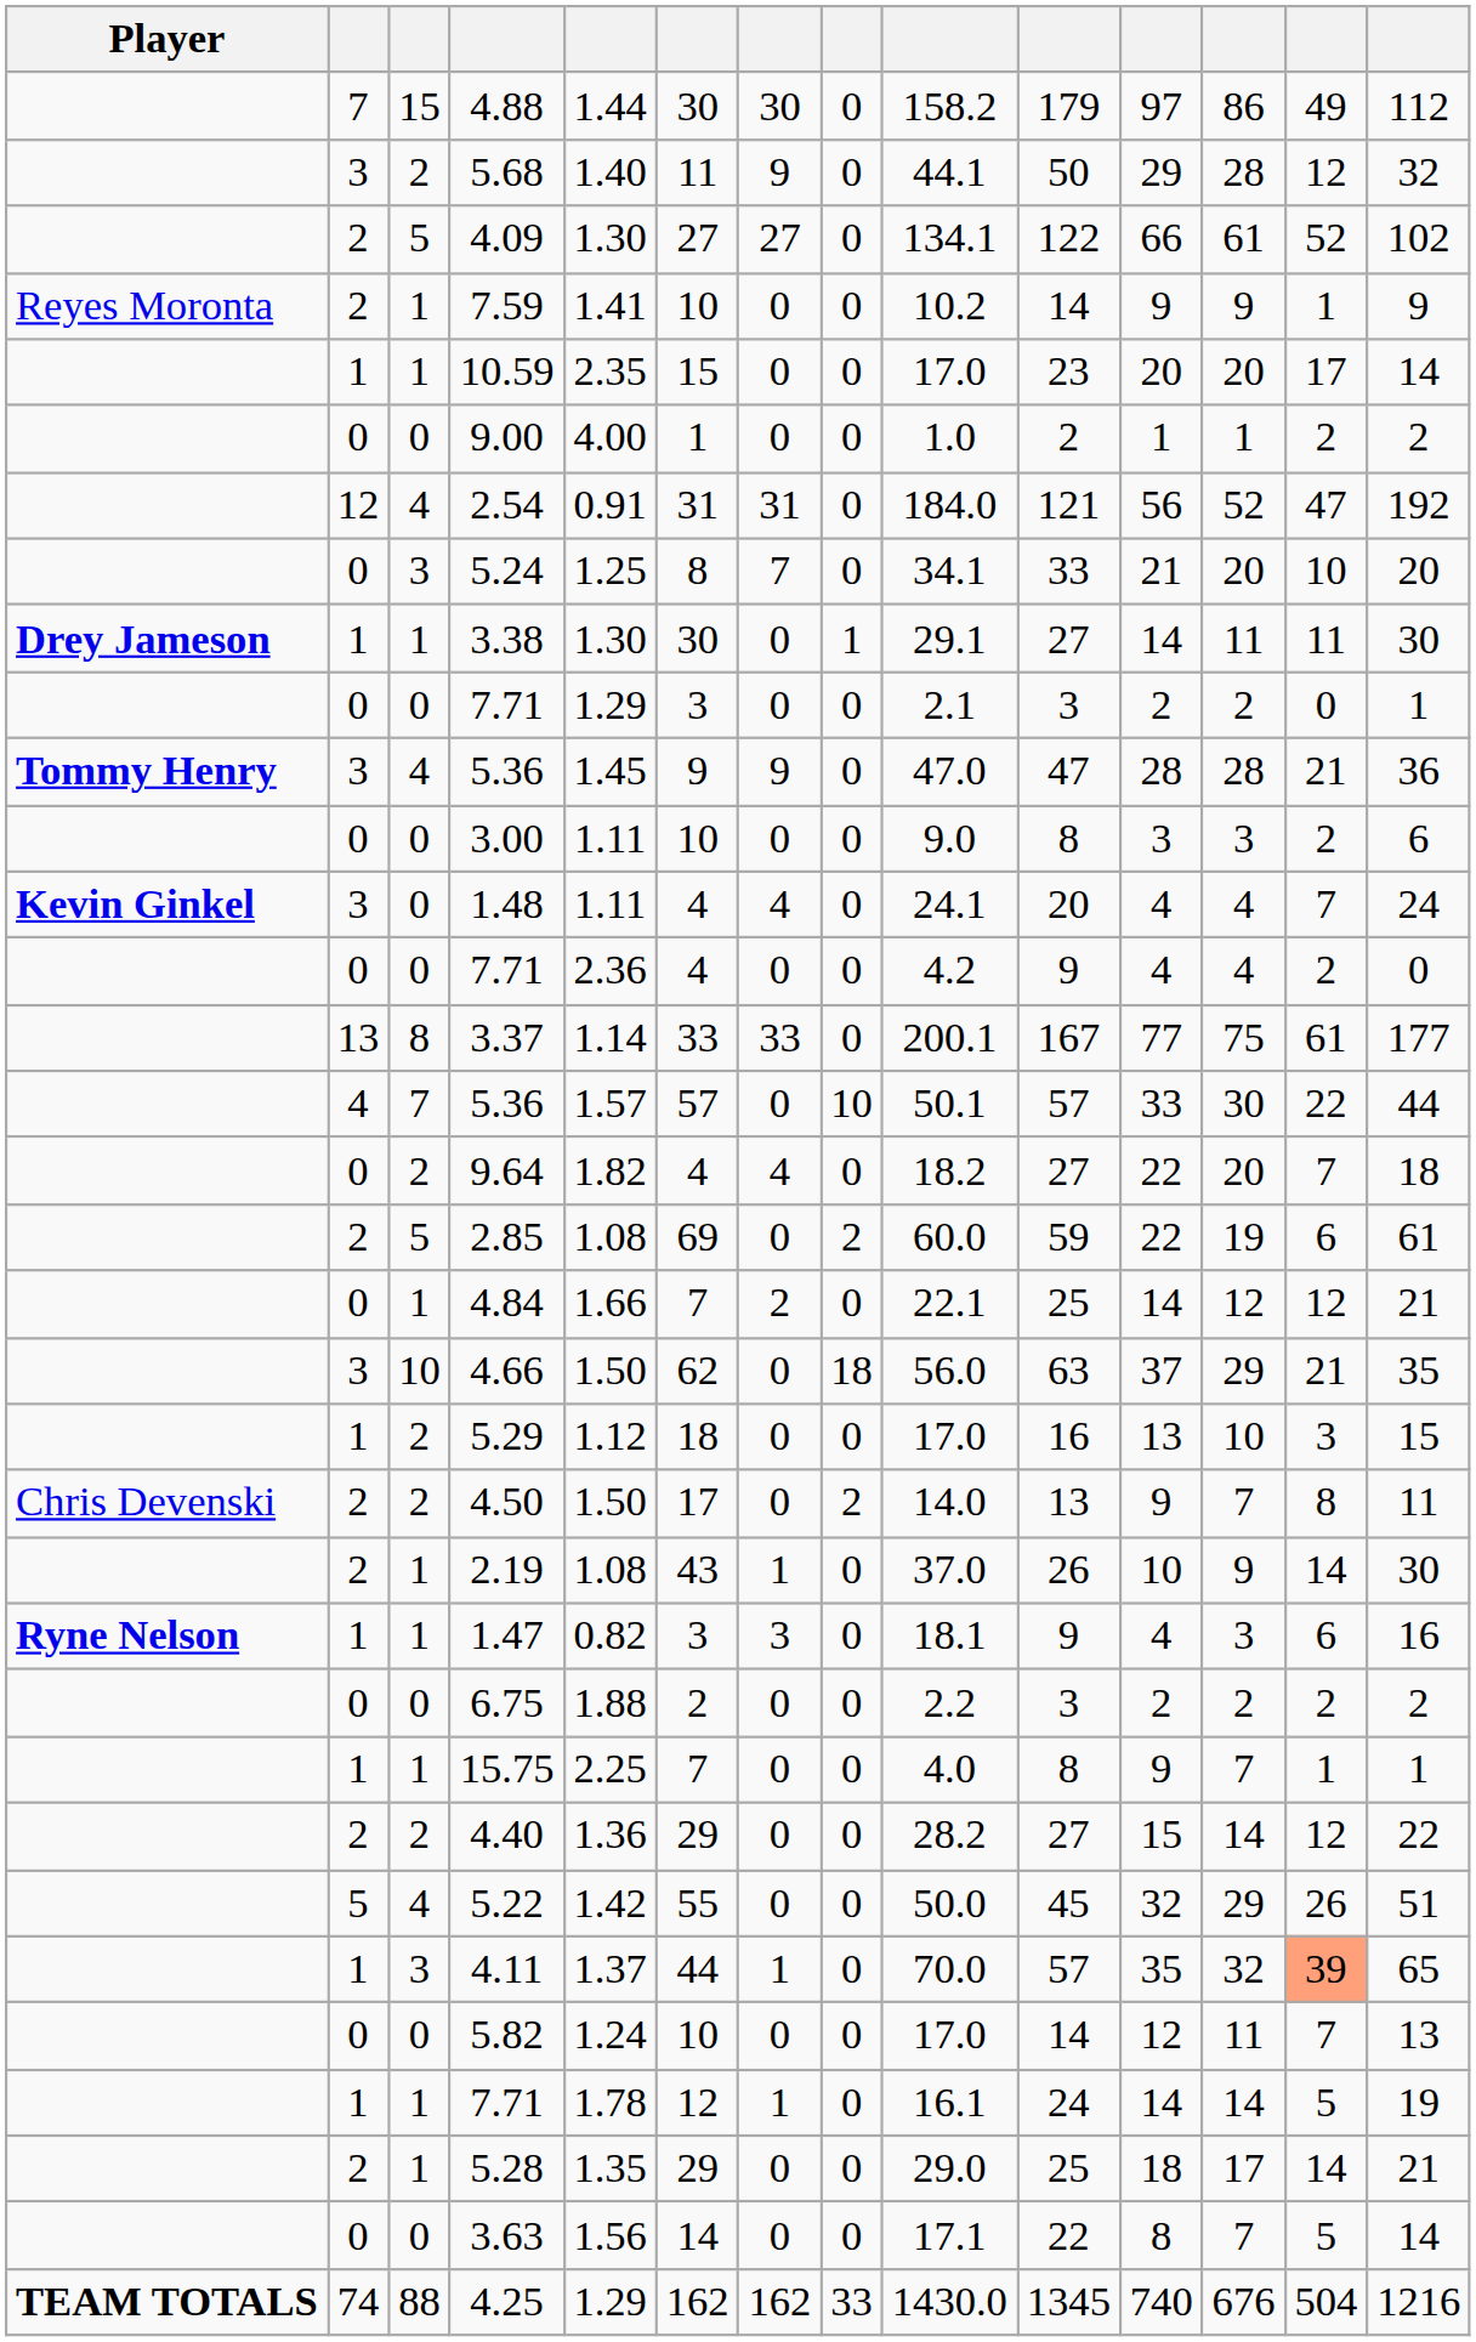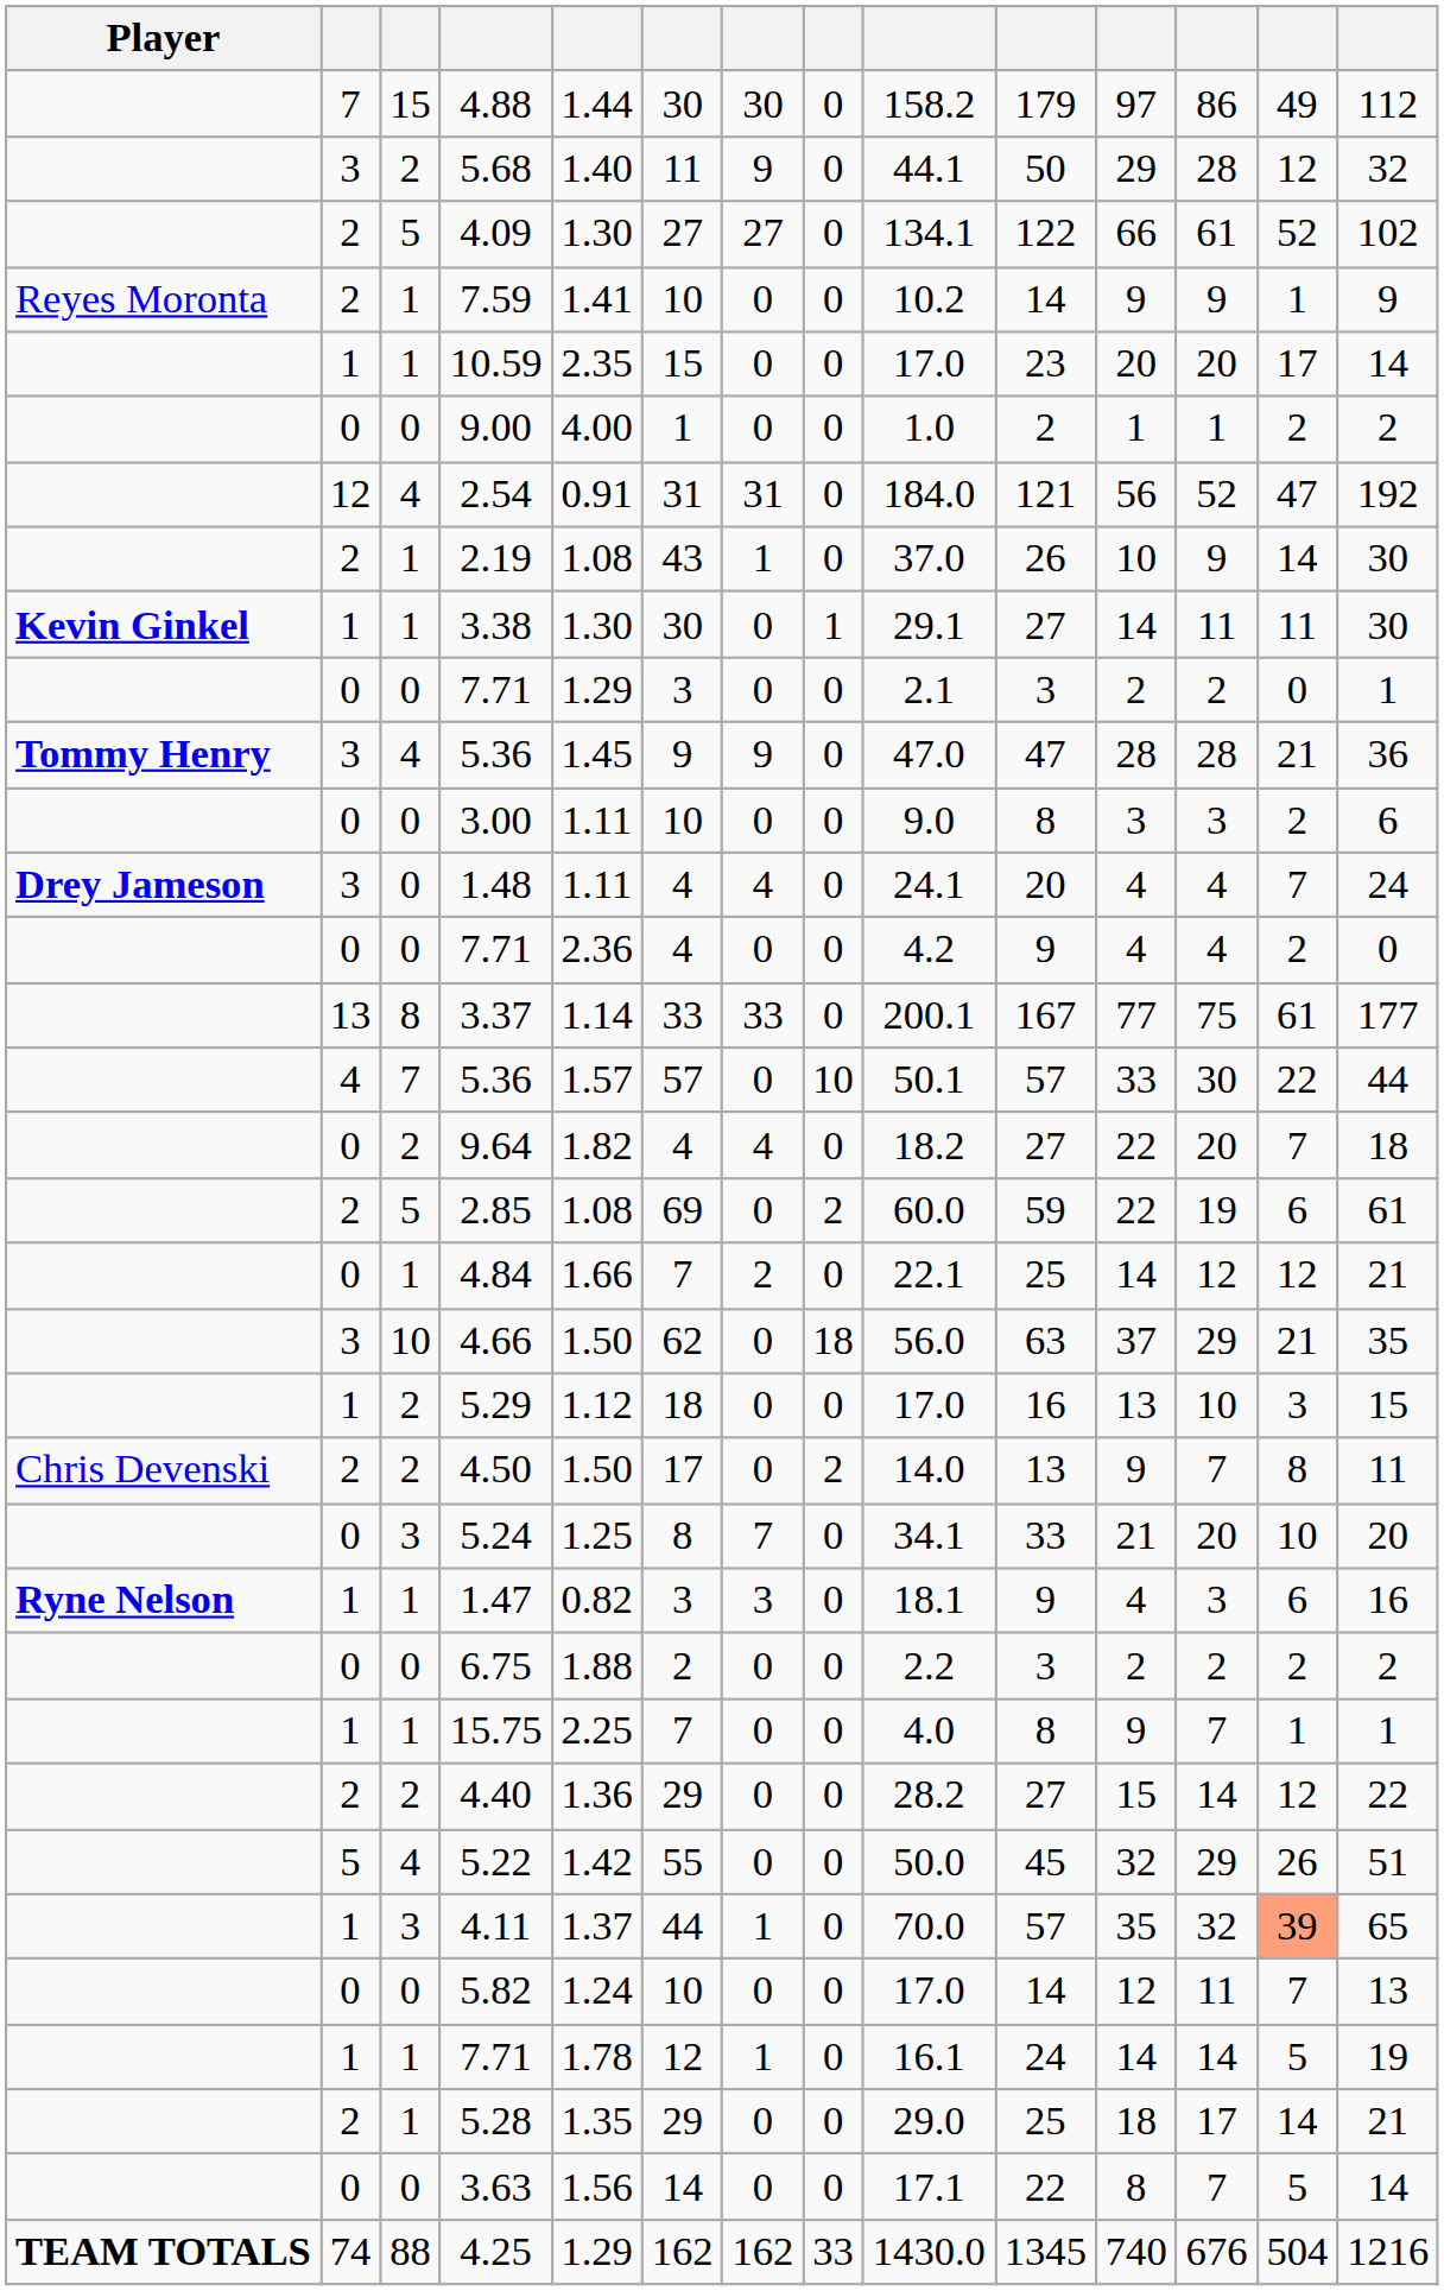 <table class="wikitable sortable" style="text-align:center;">
 <tr>
 <th>Player</th>
 <th></th>
 <th></th>
 <th></th>
 <th></th>
 <th></th>
 <th></th>
 <th></th>
 <th></th>
 <th></th>
 <th></th>
 <th></th>
 <th></th>
 <th></th>
 </tr>
 <tr>
 <td align=left><strong></strong></td>
 <td>7</td>
 <td>15</td>
 <td>4.88</td>
 <td>1.44</td>
 <td>30</td>
 <td>30</td>
 <td>0</td>
 <td>158.2</td>
 <td>179</td>
 <td>97</td>
 <td>86</td>
 <td>49</td>
 <td>112</td>
 </tr>
 <tr>
 <td align=left></td>
 <td>3</td>
 <td>2</td>
 <td>5.68</td>
 <td>1.40</td>
 <td>11</td>
 <td>9</td>
 <td>0</td>
 <td>44.1</td>
 <td>50</td>
 <td>29</td>
 <td>28</td>
 <td>12</td>
 <td>32</td>
 </tr>
 <tr>
 <td align=left></td>
 <td>2</td>
 <td>5</td>
 <td>4.09</td>
 <td>1.30</td>
 <td>27</td>
 <td>27</td>
 <td>0</td>
 <td>134.1</td>
 <td>122</td>
 <td>66</td>
 <td>61</td>
 <td>52</td>
 <td>102</td>
 </tr>
 <tr>
 <td align=left><a href='#'>Reyes Moronta</a></td>
 <td>2</td>
 <td>1</td>
 <td>7.59</td>
 <td>1.41</td>
 <td>10</td>
 <td>0</td>
 <td>0</td>
 <td>10.2</td>
 <td>14</td>
 <td>9</td>
 <td>9</td>
 <td>1</td>
 <td>9</td>
 </tr>
 <tr>
 <td align=left></td>
 <td>1</td>
 <td>1</td>
 <td>10.59</td>
 <td>2.35</td>
 <td>15</td>
 <td>0</td>
 <td>0</td>
 <td>17.0</td>
 <td>23</td>
 <td>20</td>
 <td>20</td>
 <td>17</td>
 <td>14</td>
 </tr>
 <tr>
 <td align=left></td>
 <td>0</td>
 <td>0</td>
 <td>9.00</td>
 <td>4.00</td>
 <td>1</td>
 <td>0</td>
 <td>0</td>
 <td>1.0</td>
 <td>2</td>
 <td>1</td>
 <td>1</td>
 <td>2</td>
 <td>2</td>
 </tr>
 <tr>
 <td align=left><strong></strong></td>
 <td>12</td>
 <td>4</td>
 <td>2.54</td>
 <td>0.91</td>
 <td>31</td>
 <td>31</td>
 <td>0</td>
 <td>184.0</td>
 <td>121</td>
 <td>56</td>
 <td>52</td>
 <td>47</td>
 <td>192</td>
 </tr>
 <tr>
 <td align=left><strong></strong></td>
+<td>2</td>
+<td>1</td>
+<td>2.19</td>
+<td>1.08</td>
+<td>43</td>
+<td>1</td>
 <td>0</td>
-<td>3</td>
-<td>5.24</td>
-<td>1.25</td>
-<td>8</td>
-<td>7</td>
-<td>0</td>
-<td>34.1</td>
-<td>33</td>
-<td>21</td>
-<td>20</td>
+<td>37.0</td>
+<td>26</td>
 <td>10</td>
-<td>20</td>
+<td>9</td>
+<td>14</td>
+<td>30</td>
 </tr>
 <tr>
-<td align=left><strong><a href='#'>Drey Jameson</a></strong></td>
+<td align=left><strong><a href='#'>Kevin Ginkel</a></strong></td>
 <td>1</td>
 <td>1</td>
 <td>3.38</td>
 <td>1.30</td>
 <td>30</td>
 <td>0</td>
 <td>1</td>
 <td>29.1</td>
 <td>27</td>
 <td>14</td>
 <td>11</td>
 <td>11</td>
 <td>30</td>
 </tr>
 <tr>
 <td align=left></td>
 <td>0</td>
 <td>0</td>
 <td>7.71</td>
 <td>1.29</td>
 <td>3</td>
 <td>0</td>
 <td>0</td>
 <td>2.1</td>
 <td>3</td>
 <td>2</td>
 <td>2</td>
 <td>0</td>
 <td>1</td>
 </tr>
 <tr>
 <td align=left><strong><a href='#'>Tommy Henry</a></strong></td>
 <td>3</td>
 <td>4</td>
 <td>5.36</td>
 <td>1.45</td>
 <td>9</td>
 <td>9</td>
 <td>0</td>
 <td>47.0</td>
 <td>47</td>
 <td>28</td>
 <td>28</td>
 <td>21</td>
 <td>36</td>
 </tr>
 <tr>
 <td align=left></td>
 <td>0</td>
 <td>0</td>
 <td>3.00</td>
 <td>1.11</td>
 <td>10</td>
 <td>0</td>
 <td>0</td>
 <td>9.0</td>
 <td>8</td>
 <td>3</td>
 <td>3</td>
 <td>2</td>
 <td>6</td>
 </tr>
 <tr>
-<td align=left><strong><a href='#'>Kevin Ginkel</a></strong></td>
+<td align=left><strong><a href='#'>Drey Jameson</a></strong></td>
 <td>3</td>
 <td>0</td>
 <td>1.48</td>
 <td>1.11</td>
 <td>4</td>
 <td>4</td>
 <td>0</td>
 <td>24.1</td>
 <td>20</td>
 <td>4</td>
 <td>4</td>
 <td>7</td>
 <td>24</td>
 </tr>
 <tr>
 <td align=left><strong></strong></td>
 <td>0</td>
 <td>0</td>
 <td>7.71</td>
 <td>2.36</td>
 <td>4</td>
 <td>0</td>
 <td>0</td>
 <td>4.2</td>
 <td>9</td>
 <td>4</td>
 <td>4</td>
 <td>2</td>
 <td>0</td>
 </tr>
 <tr>
 <td align=left><strong></strong></td>
 <td>13</td>
 <td>8</td>
 <td>3.37</td>
 <td>1.14</td>
 <td>33</td>
 <td>33</td>
 <td>0</td>
 <td>200.1</td>
 <td>167</td>
 <td>77</td>
 <td>75</td>
 <td>61</td>
 <td>177</td>
 </tr>
 <tr>
 <td align=left><strong></strong></td>
 <td>4</td>
 <td>7</td>
 <td>5.36</td>
 <td>1.57</td>
 <td>57</td>
 <td>0</td>
 <td>10</td>
 <td>50.1</td>
 <td>57</td>
 <td>33</td>
 <td>30</td>
 <td>22</td>
 <td>44</td>
 </tr>
 <tr>
 <td align=left></td>
 <td>0</td>
 <td>2</td>
 <td>9.64</td>
 <td>1.82</td>
 <td>4</td>
 <td>4</td>
 <td>0</td>
 <td>18.2</td>
 <td>27</td>
 <td>22</td>
 <td>20</td>
 <td>7</td>
 <td>18</td>
 </tr>
 <tr>
 <td align=left><strong></strong></td>
 <td>2</td>
 <td>5</td>
 <td>2.85</td>
 <td>1.08</td>
 <td>69</td>
 <td>0</td>
 <td>2</td>
 <td>60.0</td>
 <td>59</td>
 <td>22</td>
 <td>19</td>
 <td>6</td>
 <td>61</td>
 </tr>
 <tr>
 <td align=left><strong></strong></td>
 <td>0</td>
 <td>1</td>
 <td>4.84</td>
 <td>1.66</td>
 <td>7</td>
 <td>2</td>
 <td>0</td>
 <td>22.1</td>
 <td>25</td>
 <td>14</td>
 <td>12</td>
 <td>12</td>
 <td>21</td>
 </tr>
 <tr>
 <td align=left><strong></strong></td>
 <td>3</td>
 <td>10</td>
 <td>4.66</td>
 <td>1.50</td>
 <td>62</td>
 <td>0</td>
 <td>18</td>
 <td>56.0</td>
 <td>63</td>
 <td>37</td>
 <td>29</td>
 <td>21</td>
 <td>35</td>
 </tr>
 <tr>
 <td align=left><strong></strong></td>
 <td>1</td>
 <td>2</td>
 <td>5.29</td>
 <td>1.12</td>
 <td>18</td>
 <td>0</td>
 <td>0</td>
 <td>17.0</td>
 <td>16</td>
 <td>13</td>
 <td>10</td>
 <td>3</td>
 <td>15</td>
 </tr>
 <tr>
 <td align=left><a href='#'>Chris Devenski</a></td>
 <td>2</td>
 <td>2</td>
 <td>4.50</td>
 <td>1.50</td>
 <td>17</td>
 <td>0</td>
 <td>2</td>
 <td>14.0</td>
 <td>13</td>
 <td>9</td>
 <td>7</td>
 <td>8</td>
 <td>11</td>
 </tr>
 <tr>
 <td align=left><strong></strong></td>
-<td>2</td>
-<td>1</td>
-<td>2.19</td>
-<td>1.08</td>
-<td>43</td>
-<td>1</td>
 <td>0</td>
-<td>37.0</td>
-<td>26</td>
+<td>3</td>
+<td>5.24</td>
+<td>1.25</td>
+<td>8</td>
+<td>7</td>
+<td>0</td>
+<td>34.1</td>
+<td>33</td>
+<td>21</td>
+<td>20</td>
 <td>10</td>
-<td>9</td>
-<td>14</td>
-<td>30</td>
+<td>20</td>
 </tr>
 <tr>
 <td align=left><strong><a href='#'>Ryne Nelson</a></strong></td>
 <td>1</td>
 <td>1</td>
 <td>1.47</td>
 <td>0.82</td>
 <td>3</td>
 <td>3</td>
 <td>0</td>
 <td>18.1</td>
 <td>9</td>
 <td>4</td>
 <td>3</td>
 <td>6</td>
 <td>16</td>
 </tr>
 <tr>
 <td align=left></td>
 <td>0</td>
 <td>0</td>
 <td>6.75</td>
 <td>1.88</td>
 <td>2</td>
 <td>0</td>
 <td>0</td>
 <td>2.2</td>
 <td>3</td>
 <td>2</td>
 <td>2</td>
 <td>2</td>
 <td>2</td>
 </tr>
 <tr>
 <td align=left></td>
 <td>1</td>
 <td>1</td>
 <td>15.75</td>
 <td>2.25</td>
 <td>7</td>
 <td>0</td>
 <td>0</td>
 <td>4.0</td>
 <td>8</td>
 <td>9</td>
 <td>7</td>
 <td>1</td>
 <td>1</td>
 </tr>
 <tr>
 <td align=left></td>
 <td>2</td>
 <td>2</td>
 <td>4.40</td>
 <td>1.36</td>
 <td>29</td>
 <td>0</td>
 <td>0</td>
 <td>28.2</td>
 <td>27</td>
 <td>15</td>
 <td>14</td>
 <td>12</td>
 <td>22</td>
 </tr>
 <tr>
 <td align=left><strong></strong></td>
 <td>5</td>
 <td>4</td>
 <td>5.22</td>
 <td>1.42</td>
 <td>55</td>
 <td>0</td>
 <td>0</td>
 <td>50.0</td>
 <td>45</td>
 <td>32</td>
 <td>29</td>
 <td>26</td>
 <td>51</td>
 </tr>
 <tr>
 <td align=left><strong></strong></td>
 <td>1</td>
 <td>3</td>
 <td>4.11</td>
 <td>1.37</td>
 <td>44</td>
 <td>1</td>
 <td>0</td>
 <td>70.0</td>
 <td>57</td>
 <td>35</td>
 <td>32</td>
 <td style="background: lightsalmon;">39</td>
 <td>65</td>
 </tr>
 <tr>
 <td align=left></td>
 <td>0</td>
 <td>0</td>
 <td>5.82</td>
 <td>1.24</td>
 <td>10</td>
 <td>0</td>
 <td>0</td>
 <td>17.0</td>
 <td>14</td>
 <td>12</td>
 <td>11</td>
 <td>7</td>
 <td>13</td>
 </tr>
 <tr>
 <td align=left><strong></strong></td>
 <td>1</td>
 <td>1</td>
 <td>7.71</td>
 <td>1.78</td>
 <td>12</td>
 <td>1</td>
 <td>0</td>
 <td>16.1</td>
 <td>24</td>
 <td>14</td>
 <td>14</td>
 <td>5</td>
 <td>19</td>
 </tr>
 <tr>
 <td align=left></td>
 <td>2</td>
 <td>1</td>
 <td>5.28</td>
 <td>1.35</td>
 <td>29</td>
 <td>0</td>
 <td>0</td>
 <td>29.0</td>
 <td>25</td>
 <td>18</td>
 <td>17</td>
 <td>14</td>
 <td>21</td>
 </tr>
 <tr>
 <td align=left></td>
 <td>0</td>
 <td>0</td>
 <td>3.63</td>
 <td>1.56</td>
 <td>14</td>
 <td>0</td>
 <td>0</td>
 <td>17.1</td>
 <td>22</td>
 <td>8</td>
 <td>7</td>
 <td>5</td>
 <td>14</td>
 </tr>
 <tr class="sortbottom">
 <td align="left"><strong>TEAM TOTALS</strong></td>
 <td>74</td>
 <td>88</td>
 <td>4.25</td>
 <td>1.29</td>
 <td>162</td>
 <td>162</td>
 <td>33</td>
 <td>1430.0</td>
 <td>1345</td>
 <td>740</td>
 <td>676</td>
 <td>504</td>
 <td>1216</td>
 </tr>
 </table>
